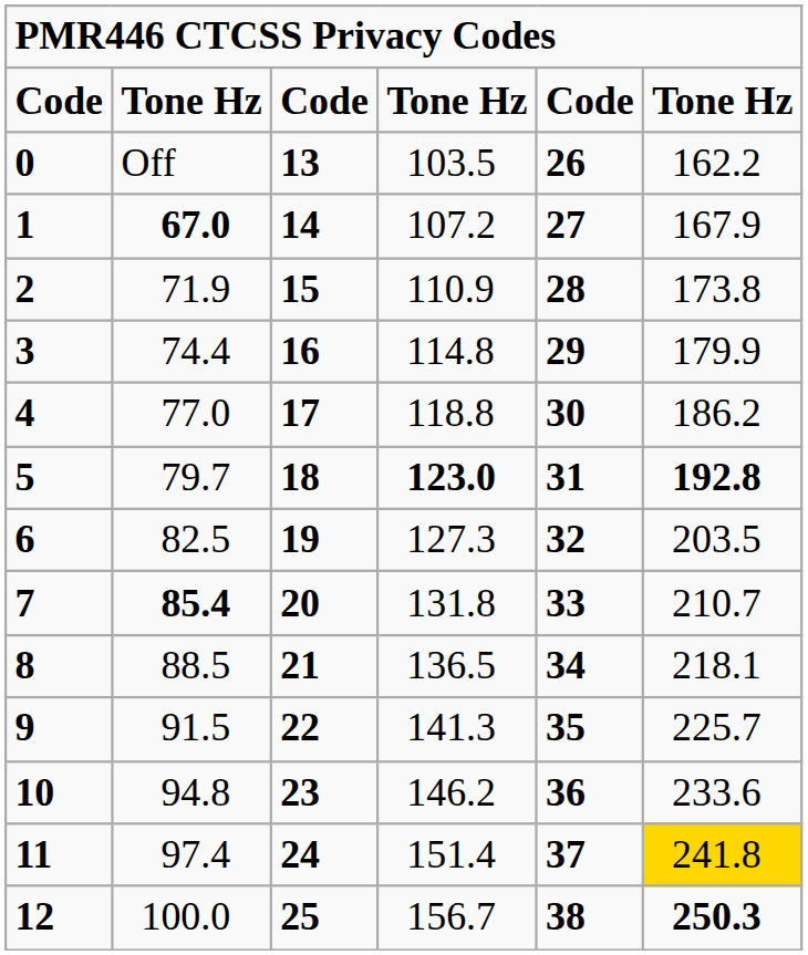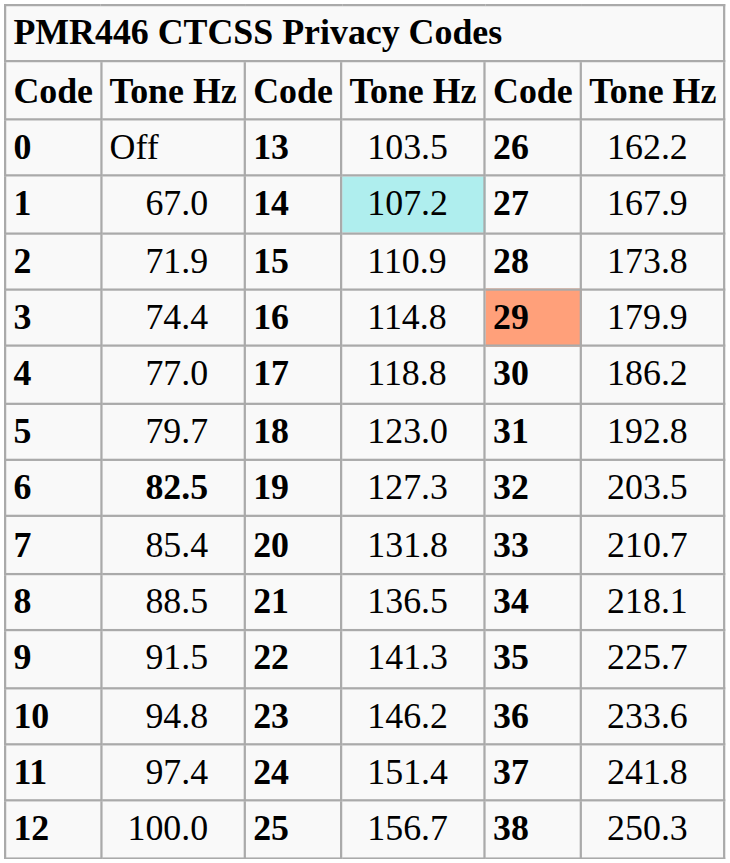 <table class="wikitable">
 <tr>
 <td colspan="6"><strong>PMR446 CTCSS Privacy Codes</strong></td>
 </tr>
 <tr>
 <td><strong>Code</strong></td>
 <td><strong>Tone Hz</strong></td>
 <td><strong>Code</strong></td>
 <td><strong>Tone Hz</strong></td>
 <td><strong>Code</strong></td>
 <td><strong>Tone Hz</strong></td>
 </tr>
 <tr>
 <td><strong>0</strong></td>
 <td>Off</td>
 <td><strong>13</strong></td>
 <td>  103.5</td>
 <td><strong>26</strong></td>
 <td>  162.2</td>
 </tr>
 <tr>
 <td><strong>1</strong></td>
-<td><strong>    67.0</strong></td>
+<td>    67.0</td>
 <td><strong>14</strong></td>
-<td>  107.2</td>
+<td style="background: paleturquoise;">  107.2</td>
 <td><strong>27</strong></td>
 <td>  167.9</td>
 </tr>
 <tr>
 <td><strong>2</strong></td>
 <td>    71.9</td>
 <td><strong>15</strong></td>
 <td>  110.9</td>
 <td><strong>28</strong></td>
 <td>  173.8</td>
 </tr>
 <tr>
 <td><strong>3</strong></td>
 <td>    74.4</td>
 <td><strong>16</strong></td>
 <td>  114.8</td>
-<td><strong>29</strong></td>
+<td style="background: lightsalmon;"><strong>29</strong></td>
 <td>  179.9</td>
 </tr>
 <tr>
 <td><strong>4</strong></td>
 <td>    77.0</td>
 <td><strong>17</strong></td>
 <td>  118.8</td>
 <td><strong>30</strong></td>
 <td>  186.2</td>
 </tr>
 <tr>
 <td><strong>5</strong></td>
 <td>    79.7</td>
 <td><strong>18</strong></td>
-<td><strong>  123.0</strong></td>
+<td>  123.0</td>
 <td><strong>31</strong></td>
-<td><strong>  192.8</strong></td>
+<td>  192.8</td>
 </tr>
 <tr>
 <td><strong>6</strong></td>
-<td>    82.5</td>
+<td><strong>    82.5</strong></td>
 <td><strong>19</strong></td>
 <td>  127.3</td>
 <td><strong>32</strong></td>
 <td>  203.5</td>
 </tr>
 <tr>
 <td><strong>7</strong></td>
-<td><strong>    85.4</strong></td>
+<td>    85.4</td>
 <td><strong>20</strong></td>
 <td>  131.8</td>
 <td><strong>33</strong></td>
 <td>  210.7</td>
 </tr>
 <tr>
 <td><strong>8</strong></td>
 <td>    88.5</td>
 <td><strong>21</strong></td>
 <td>  136.5</td>
 <td><strong>34</strong></td>
 <td>  218.1</td>
 </tr>
 <tr>
 <td><strong>9</strong></td>
 <td>    91.5</td>
 <td><strong>22</strong></td>
 <td>  141.3</td>
 <td><strong>35</strong></td>
 <td>  225.7</td>
 </tr>
 <tr>
 <td><strong>10</strong></td>
 <td>    94.8</td>
 <td><strong>23</strong></td>
 <td>  146.2</td>
 <td><strong>36</strong></td>
 <td>  233.6</td>
 </tr>
 <tr>
 <td><strong>11</strong></td>
 <td>    97.4</td>
 <td><strong>24</strong></td>
 <td>  151.4</td>
 <td><strong>37</strong></td>
-<td style="background: gold;">  241.8</td>
+<td>  241.8</td>
 </tr>
 <tr>
 <td><strong>12</strong></td>
 <td>  100.0</td>
 <td><strong>25</strong></td>
 <td>  156.7</td>
 <td><strong>38</strong></td>
-<td><strong>  250.3</strong></td>
+<td>  250.3</td>
 </tr>
 </table>
